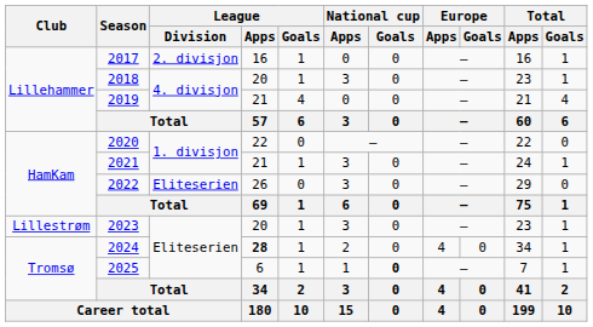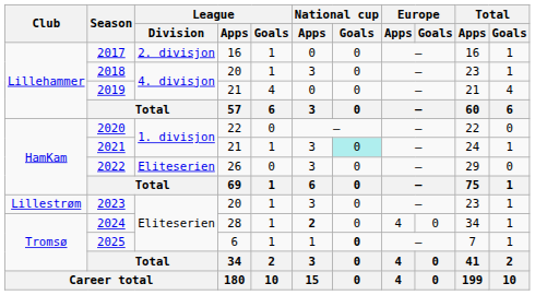 <table class="wikitable" style="text-align: center;">
 <tr>
 <th rowspan="2">Club</th>
 <th rowspan="2">Season</th>
 <th colspan="3">League</th>
 <th colspan="2">National cup</th>
 <th colspan="2">Europe</th>
 <th colspan="2">Total</th>
 </tr>
 <tr>
 <th>Division</th>
 <th>Apps</th>
 <th>Goals</th>
 <th>Apps</th>
 <th>Goals</th>
 <th>Apps</th>
 <th>Goals</th>
 <th>Apps</th>
 <th>Goals</th>
 </tr>
 <tr>
 <td rowspan="4"><a href='#'>Lillehammer</a></td>
 <td><a href='#'>2017</a></td>
 <td><a href='#'>2. divisjon</a></td>
 <td>16</td>
 <td>1</td>
 <td>0</td>
 <td>0</td>
 <td colspan="2">—</td>
 <td>16</td>
 <td>1</td>
 </tr>
 <tr>
 <td><a href='#'>2018</a></td>
 <td rowspan="2"><a href='#'>4. divisjon</a></td>
 <td>20</td>
 <td>1</td>
 <td>3</td>
 <td>0</td>
 <td colspan="2">—</td>
 <td>23</td>
 <td>1</td>
 </tr>
 <tr>
 <td><a href='#'>2019</a></td>
 <td>21</td>
 <td>4</td>
 <td>0</td>
 <td>0</td>
 <td colspan="2">—</td>
 <td>21</td>
 <td>4</td>
 </tr>
 <tr>
 <th colspan="2">Total</th>
 <th>57</th>
 <th>6</th>
 <th>3</th>
 <th>0</th>
 <th colspan="2">—</th>
 <th>60</th>
 <th>6</th>
 </tr>
 <tr>
 <td rowspan="4"><a href='#'>HamKam</a></td>
 <td><a href='#'>2020</a></td>
 <td rowspan="2"><a href='#'>1. divisjon</a></td>
 <td>22</td>
 <td>0</td>
 <td colspan="2">—</td>
 <td colspan="2">—</td>
 <td>22</td>
 <td>0</td>
 </tr>
 <tr>
 <td><a href='#'>2021</a></td>
 <td>21</td>
 <td>1</td>
 <td>3</td>
-<td>0</td>
+<td style="background: paleturquoise;">0</td>
 <td colspan="2">—</td>
 <td>24</td>
 <td>1</td>
 </tr>
 <tr>
 <td><a href='#'>2022</a></td>
 <td><a href='#'>Eliteserien</a></td>
 <td>26</td>
 <td>0</td>
 <td>3</td>
 <td>0</td>
 <td colspan="2">—</td>
 <td>29</td>
 <td>0</td>
 </tr>
 <tr>
 <th colspan="2">Total</th>
 <th>69</th>
 <th>1</th>
 <th>6</th>
 <th>0</th>
 <th colspan="2">—</th>
 <th>75</th>
 <th>1</th>
 </tr>
 <tr>
 <td><a href='#'>Lillestrøm</a></td>
 <td><a href='#'>2023</a></td>
 <td rowspan="3">Eliteserien</td>
 <td>20</td>
 <td>1</td>
 <td>3</td>
 <td>0</td>
 <td colspan="2">—</td>
 <td>23</td>
 <td>1</td>
 </tr>
 <tr>
 <td rowspan="3"><a href='#'>Tromsø</a></td>
 <td><a href='#'>2024</a></td>
-<td><strong>28</strong></td>
+<td>28</td>
 <td>1</td>
-<td>2</td>
+<td><strong>2</strong></td>
 <td>0</td>
 <td>4</td>
 <td>0</td>
 <td>34</td>
 <td>1</td>
 </tr>
 <tr>
 <td><a href='#'>2025</a></td>
 <td>6</td>
 <td>1</td>
 <td>1</td>
 <td><strong>0</strong></td>
 <td colspan="2">—</td>
 <td>7</td>
 <td>1</td>
 </tr>
 <tr>
 <th colspan="2">Total</th>
 <th>34</th>
 <th>2</th>
 <th>3</th>
 <th>0</th>
 <th>4</th>
 <th>0</th>
 <th>41</th>
 <th>2</th>
 </tr>
 <tr>
 <th colspan="3">Career total</th>
 <th>180</th>
 <th>10</th>
 <th>15</th>
 <th>0</th>
 <th>4</th>
 <th>0</th>
 <th>199</th>
 <th>10</th>
 </tr>
 </table>
